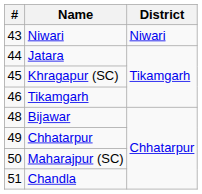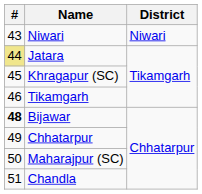 <table class="wikitable">
 <tr>
 <th>#</th>
 <th>Name</th>
 <th>District</th>
 </tr>
 <tr>
 <td>43</td>
 <td><a href='#'>Niwari</a></td>
 <td><a href='#'>Niwari</a></td>
 </tr>
 <tr>
-<td>44</td>
+<td style="background: khaki;">44</td>
 <td><a href='#'>Jatara</a></td>
 <td rowspan="3"><a href='#'>Tikamgarh</a></td>
 </tr>
 <tr>
 <td>45</td>
 <td><a href='#'>Khragapur</a> (SC)</td>
 </tr>
 <tr>
 <td>46</td>
 <td><a href='#'>Tikamgarh</a></td>
 </tr>
 <tr>
-<td>48</td>
+<td><strong>48</strong></td>
 <td><a href='#'>Bijawar</a></td>
 <td rowspan="4"><a href='#'>Chhatarpur</a></td>
 </tr>
 <tr>
 <td>49</td>
 <td><a href='#'>Chhatarpur</a></td>
 </tr>
 <tr>
 <td>50</td>
 <td><a href='#'>Maharajpur</a> (SC)</td>
 </tr>
 <tr>
 <td>51</td>
 <td><a href='#'>Chandla</a></td>
 </tr>
 </table>
